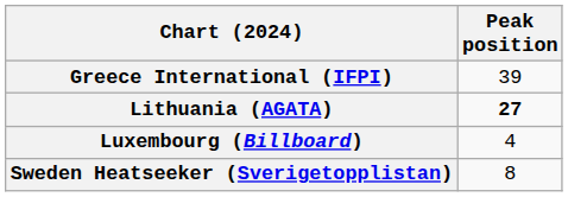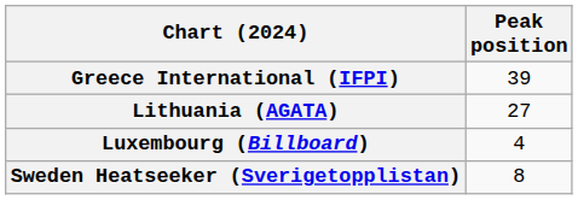 <table class="wikitable sortable plainrowheaders" style="text-align:center">
 <tr>
 <th scope="col">Chart (2024)</th>
 <th scope="col">Peak<br>position</th>
 </tr>
 <tr>
 <th scope="row">Greece International (<a href='#'>IFPI</a>)</th>
 <td>39</td>
 </tr>
 <tr>
 <th scope="row">Lithuania (<a href='#'>AGATA</a>)</th>
-<td><strong>27</strong></td>
+<td>27</td>
 </tr>
 <tr>
 <th scope="row">Luxembourg (<em><a href='#'>Billboard</a></em>)</th>
 <td>4</td>
 </tr>
 <tr>
 <th scope="row">Sweden Heatseeker (<a href='#'>Sverigetopplistan</a>)</th>
 <td>8</td>
 </tr>
 </table>
